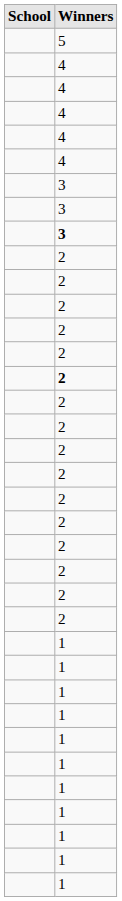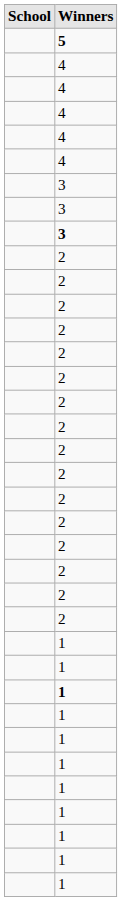 <table class="wikitable">
 <tr>
 <th style="background:#e5e5e5;">School</th>
 <th style="background:#e5e5e5;">Winners</th>
 </tr>
 <tr>
 <td><strong><a href='#'></a></strong></td>
-<td>5</td>
+<td><strong>5</strong></td>
 </tr>
 <tr>
 <td><strong><a href='#'></a></strong></td>
 <td>4</td>
 </tr>
 <tr>
 <td><strong><a href='#'></a></strong></td>
 <td>4</td>
 </tr>
 <tr>
 <td><strong><a href='#'></a></strong></td>
 <td>4</td>
 </tr>
 <tr>
 <td><strong><a href='#'></a></strong></td>
 <td>4</td>
 </tr>
 <tr>
 <td><strong><a href='#'></a></strong></td>
 <td>4</td>
 </tr>
 <tr>
 <td><strong><a href='#'></a></strong></td>
 <td>3</td>
 </tr>
 <tr>
 <td><strong><a href='#'></a></strong></td>
 <td>3</td>
 </tr>
 <tr>
 <td><strong><a href='#'></a></strong></td>
 <td><strong>3</strong></td>
 </tr>
 <tr>
 <td><strong><a href='#'></a></strong></td>
 <td>2</td>
 </tr>
 <tr>
 <td><strong><a href='#'></a></strong></td>
 <td>2</td>
 </tr>
 <tr>
 <td><strong><a href='#'></a></strong></td>
 <td>2</td>
 </tr>
 <tr>
 <td><strong><a href='#'></a></strong></td>
 <td>2</td>
 </tr>
 <tr>
 <td><strong><a href='#'></a></strong></td>
 <td>2</td>
 </tr>
 <tr>
 <td><strong><a href='#'></a></strong></td>
-<td><strong>2</strong></td>
+<td>2</td>
 </tr>
 <tr>
 <td><strong><a href='#'></a></strong></td>
 <td>2</td>
 </tr>
 <tr>
 <td><strong><a href='#'></a></strong></td>
 <td>2</td>
 </tr>
 <tr>
 <td><strong><a href='#'></a></strong></td>
 <td>2</td>
 </tr>
 <tr>
 <td><strong><a href='#'></a></strong></td>
 <td>2</td>
 </tr>
 <tr>
 <td><strong><a href='#'></a></strong></td>
 <td>2</td>
 </tr>
 <tr>
 <td><strong><a href='#'></a></strong></td>
 <td>2</td>
 </tr>
 <tr>
 <td><strong><a href='#'></a></strong></td>
 <td>2</td>
 </tr>
 <tr>
 <td><strong><a href='#'></a></strong></td>
 <td>2</td>
 </tr>
 <tr>
 <td><strong><a href='#'></a></strong></td>
 <td>2</td>
 </tr>
 <tr>
 <td><strong><a href='#'></a></strong></td>
 <td>2</td>
 </tr>
 <tr>
 <td><strong><a href='#'></a></strong></td>
 <td>1</td>
 </tr>
 <tr>
 <td><strong><a href='#'></a></strong></td>
 <td>1</td>
 </tr>
 <tr>
 <td><strong><a href='#'></a></strong></td>
-<td>1</td>
+<td><strong>1</strong></td>
 </tr>
 <tr>
 <td><strong><a href='#'></a></strong></td>
 <td>1</td>
 </tr>
 <tr>
 <td><strong><a href='#'></a></strong></td>
 <td>1</td>
 </tr>
 <tr>
 <td><strong><a href='#'></a></strong></td>
 <td>1</td>
 </tr>
 <tr>
 <td><strong><a href='#'></a></strong></td>
 <td>1</td>
 </tr>
 <tr>
 <td><strong><a href='#'></a></strong></td>
 <td>1</td>
 </tr>
 <tr>
 <td><strong><a href='#'></a></strong></td>
 <td>1</td>
 </tr>
 <tr>
 <td><strong><a href='#'></a></strong></td>
 <td>1</td>
 </tr>
 <tr>
 <td><strong><a href='#'></a></strong></td>
 <td>1</td>
 </tr>
 </table>
